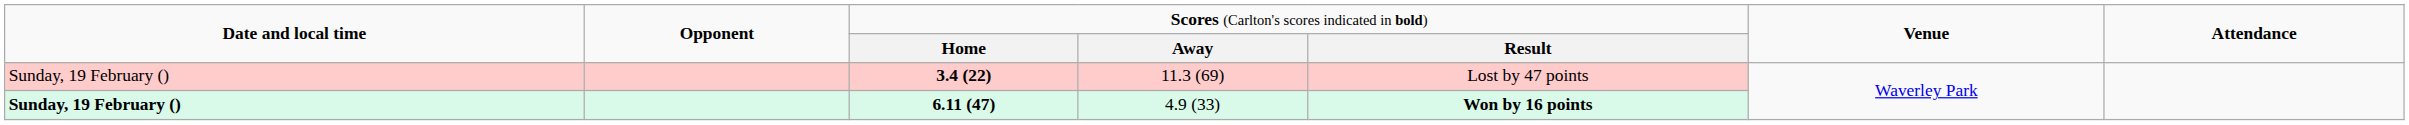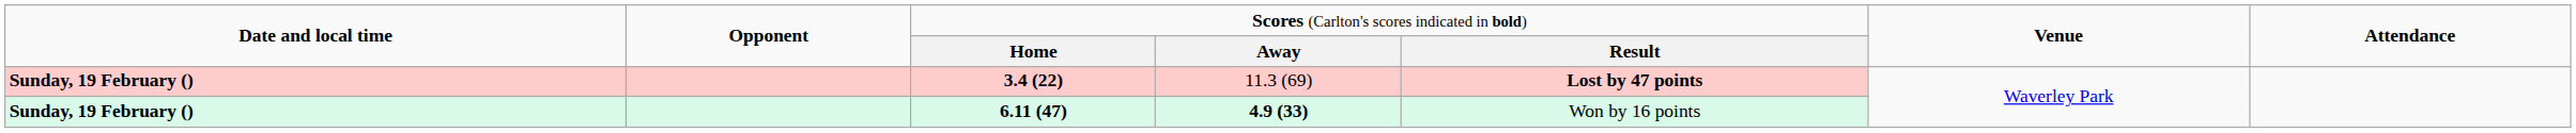 <table class="wikitable" style="font-size:90%; text-align:center; width: 100%; margin-left: auto; margin-right: auto;">
 <tr>
 <td rowspan=2><strong>Date and local time</strong></td>
 <td rowspan=2><strong>Opponent</strong></td>
 <td colspan=3><strong>Scores</strong> <small>(Carlton's scores indicated in <strong>bold</strong>)</small></td>
 <td rowspan=2><strong>Venue</strong></td>
 <td rowspan=2><strong>Attendance</strong></td>
 </tr>
 <tr>
 <th>Home</th>
 <th>Away</th>
 <th>Result</th>
 </tr>
 <tr>
-<td style="text-align:left; background:#fcc;">Sunday, 19 February ()</td>
+<td style="text-align:left; background:#fcc;"><strong>Sunday, 19 February ()</strong></td>
 <td style="text-align:left; background:#fcc;"></td>
 <td style="background:#fcc;"><strong>3.4 (22)</strong></td>
 <td style="background:#fcc;">11.3 (69)</td>
-<td style="background:#fcc;">Lost by 47 points</td>
+<td style="background:#fcc;"><strong>Lost by 47 points</strong></td>
 <td rowspan=2><a href='#'>Waverley Park</a></td>
 <td rowspan=2></td>
 </tr>
 <tr style="background:#d9f9e9;">
 <td align=left><strong>Sunday, 19 February ()</strong></td>
 <td align=left></td>
 <td><strong>6.11 (47)</strong></td>
-<td>4.9 (33)</td>
-<td><strong>Won by 16 points</strong></td>
+<td><strong>4.9 (33)</strong></td>
+<td>Won by 16 points</td>
 </tr>
 </table>
